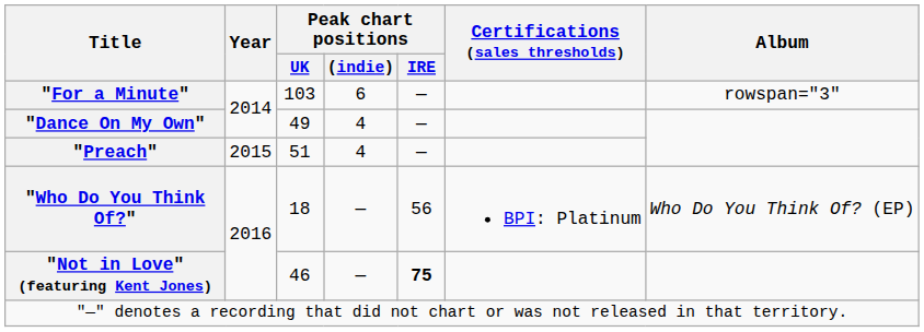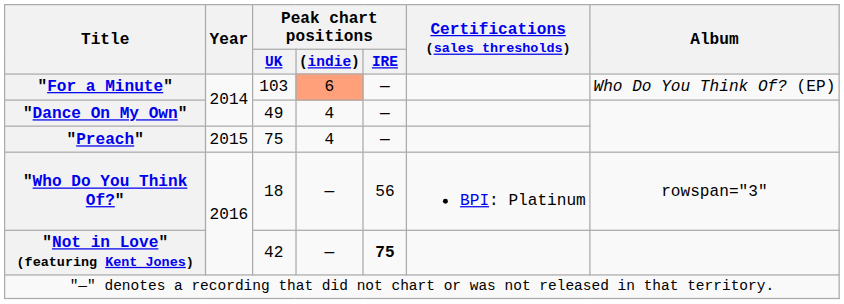 <table class="wikitable plainrowheaders" style="text-align:center;">
 <tr>
 <th scope="col" rowspan="2" style="width:12em;">Title</th>
 <th scope="col" rowspan="2">Year</th>
 <th scope="col" colspan="3">Peak chart positions</th>
 <th scope="col" rowspan="2"><a href='#'>Certifications</a><br><small>(<a href='#'>sales thresholds</a>)</small></th>
 <th scope="col" rowspan="2">Album</th>
 </tr>
 <tr>
 <th style="width:2.5em;font-size:90%"><a href='#'>UK</a></th>
 <th style="width:2.5em;font-size:90%">(<a href='#'>indie</a>)</th>
 <th style="width:2.5em;font-size:90%"><a href='#'>IRE</a></th>
 </tr>
 <tr>
 <th scope="row">"<a href='#'>For a Minute</a>"</th>
 <td rowspan="2">2014</td>
 <td>103</td>
-<td>6</td>
+<td style="background: lightsalmon;">6</td>
 <td>—</td>
 <td></td>
-<td>rowspan="3" </td>
+<td><em>Who Do You Think Of?</em> (EP)</td>
 </tr>
 <tr>
 <th scope="row">"<a href='#'>Dance On My Own</a>"</th>
 <td>49</td>
 <td>4</td>
 <td>—</td>
 <td></td>
 </tr>
 <tr>
 <th scope="row">"<a href='#'>Preach</a>"</th>
 <td>2015</td>
-<td>51</td>
+<td>75</td>
 <td>4</td>
 <td>—</td>
 <td></td>
 </tr>
 <tr>
 <th scope="row">"<a href='#'>Who Do You Think Of?</a>"</th>
 <td rowspan="2">2016</td>
 <td>18</td>
 <td>—</td>
 <td>56</td>
 <td><br><ul><li><a href='#'>BPI</a>: Platinum</li></ul></td>
-<td><em>Who Do You Think Of?</em> (EP)</td>
+<td>rowspan="3" </td>
 </tr>
 <tr>
 <th scope="row">"<a href='#'>Not in Love</a>"<br><small>(featuring <a href='#'>Kent Jones</a>)</small></th>
-<td>46</td>
+<td>42</td>
 <td>—</td>
 <td><strong>75</strong></td>
 <td></td>
 <td></td>
 </tr>
 <tr>
 <td colspan="7" style="font-size:90%">"—" denotes a recording that did not chart or was not released in that territory.</td>
 </tr>
 </table>
